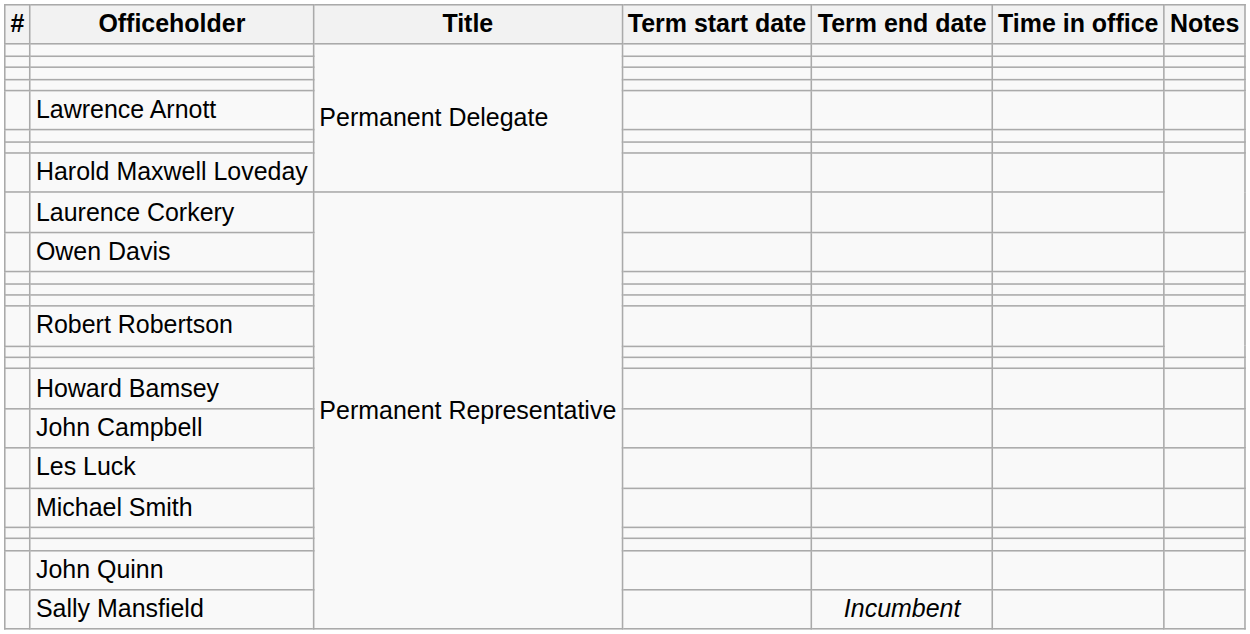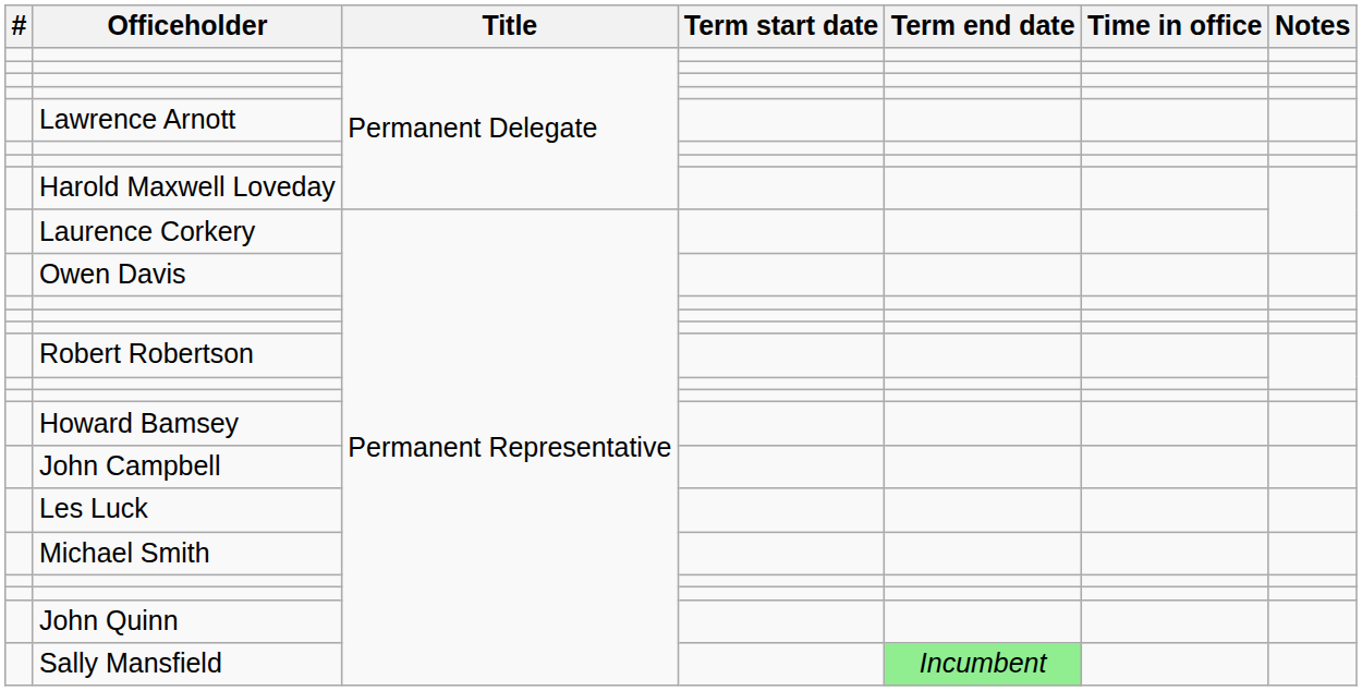 <table class='wikitable sortable'>
 <tr>
 <th>#</th>
 <th>Officeholder</th>
 <th>Title</th>
 <th>Term start date</th>
 <th>Term end date</th>
 <th>Time in office</th>
 <th>Notes</th>
 </tr>
 <tr>
 <td align=center></td>
 <td></td>
 <td rowspan=8>Permanent Delegate</td>
 <td align=center></td>
 <td align=center></td>
 <td align=right></td>
 <td></td>
 </tr>
 <tr>
 <td align=center></td>
 <td></td>
 <td align=center></td>
 <td align=center></td>
 <td align=right></td>
 <td></td>
 </tr>
 <tr>
 <td align=center></td>
 <td></td>
 <td align=center></td>
 <td align=center></td>
 <td align=right></td>
 <td></td>
 </tr>
 <tr>
 <td align=center></td>
 <td></td>
 <td align=center></td>
 <td align=center></td>
 <td align=right></td>
 <td></td>
 </tr>
 <tr>
 <td align=center></td>
 <td>Lawrence Arnott</td>
 <td align=center></td>
 <td align=center></td>
 <td align=right></td>
 <td></td>
 </tr>
 <tr>
 <td align=center></td>
 <td></td>
 <td align=center></td>
 <td align=center></td>
 <td align=right></td>
 <td></td>
 </tr>
 <tr>
 <td align=center></td>
 <td></td>
 <td align=center></td>
 <td align=center></td>
 <td align=right><strong></strong></td>
 <td></td>
 </tr>
 <tr>
 <td align=center></td>
 <td>Harold Maxwell Loveday</td>
 <td align=center></td>
 <td align=center></td>
 <td align=right></td>
 <td rowspan=2></td>
 </tr>
 <tr>
 <td align=center></td>
 <td>Laurence Corkery</td>
 <td rowspan=16>Permanent Representative</td>
 <td align=center></td>
 <td align=center></td>
 <td align=right></td>
 </tr>
 <tr>
 <td align=center></td>
 <td>Owen Davis</td>
 <td align=center></td>
 <td align=center></td>
 <td align=right></td>
 <td></td>
 </tr>
 <tr>
 <td align=center></td>
 <td></td>
 <td align=center></td>
 <td align=center></td>
 <td align=right></td>
 <td></td>
 </tr>
 <tr>
 <td align=center></td>
 <td></td>
 <td align=center></td>
 <td align=center></td>
 <td align=right></td>
 <td></td>
 </tr>
 <tr>
 <td align=center></td>
 <td></td>
 <td align=center></td>
 <td align=center></td>
 <td align=right></td>
 <td></td>
 </tr>
 <tr>
 <td align=center></td>
 <td>Robert Robertson</td>
 <td align=center></td>
 <td align=center></td>
 <td align=right></td>
 <td rowspan=2></td>
 </tr>
 <tr>
 <td align=center></td>
 <td></td>
 <td align=center></td>
 <td align=center></td>
 <td align=right></td>
 </tr>
 <tr>
 <td align=center></td>
 <td></td>
 <td align=center></td>
 <td align=center></td>
 <td align=right></td>
 <td></td>
 </tr>
 <tr>
 <td align=center></td>
 <td>Howard Bamsey</td>
 <td align=center></td>
 <td align=center></td>
 <td align=right></td>
 <td></td>
 </tr>
 <tr>
 <td align=center></td>
 <td>John Campbell</td>
 <td align=center></td>
 <td align=center></td>
 <td align=right></td>
 <td></td>
 </tr>
 <tr>
 <td align=center></td>
 <td>Les Luck</td>
 <td align=center></td>
 <td align=center></td>
 <td align=right></td>
 <td></td>
 </tr>
 <tr>
 <td align=center></td>
 <td>Michael Smith</td>
 <td align=center></td>
 <td align=center></td>
 <td align=right></td>
 <td></td>
 </tr>
 <tr>
 <td align=center></td>
 <td></td>
 <td align=center></td>
 <td align=center></td>
 <td align=right></td>
 <td></td>
 </tr>
 <tr>
 <td align=center></td>
 <td></td>
 <td align=center></td>
 <td align=center></td>
 <td align=right></td>
 <td></td>
 </tr>
 <tr>
 <td align=center></td>
 <td>John Quinn</td>
 <td align=center></td>
 <td align=center></td>
 <td align=right></td>
 <td></td>
 </tr>
 <tr>
 <td align=center></td>
 <td>Sally Mansfield</td>
 <td align=center></td>
-<td align=center><em>Incumbent</em></td>
+<td align=center style="background: lightgreen;"><em>Incumbent</em></td>
 <td align=right></td>
 <td></td>
 </tr>
 </table>
